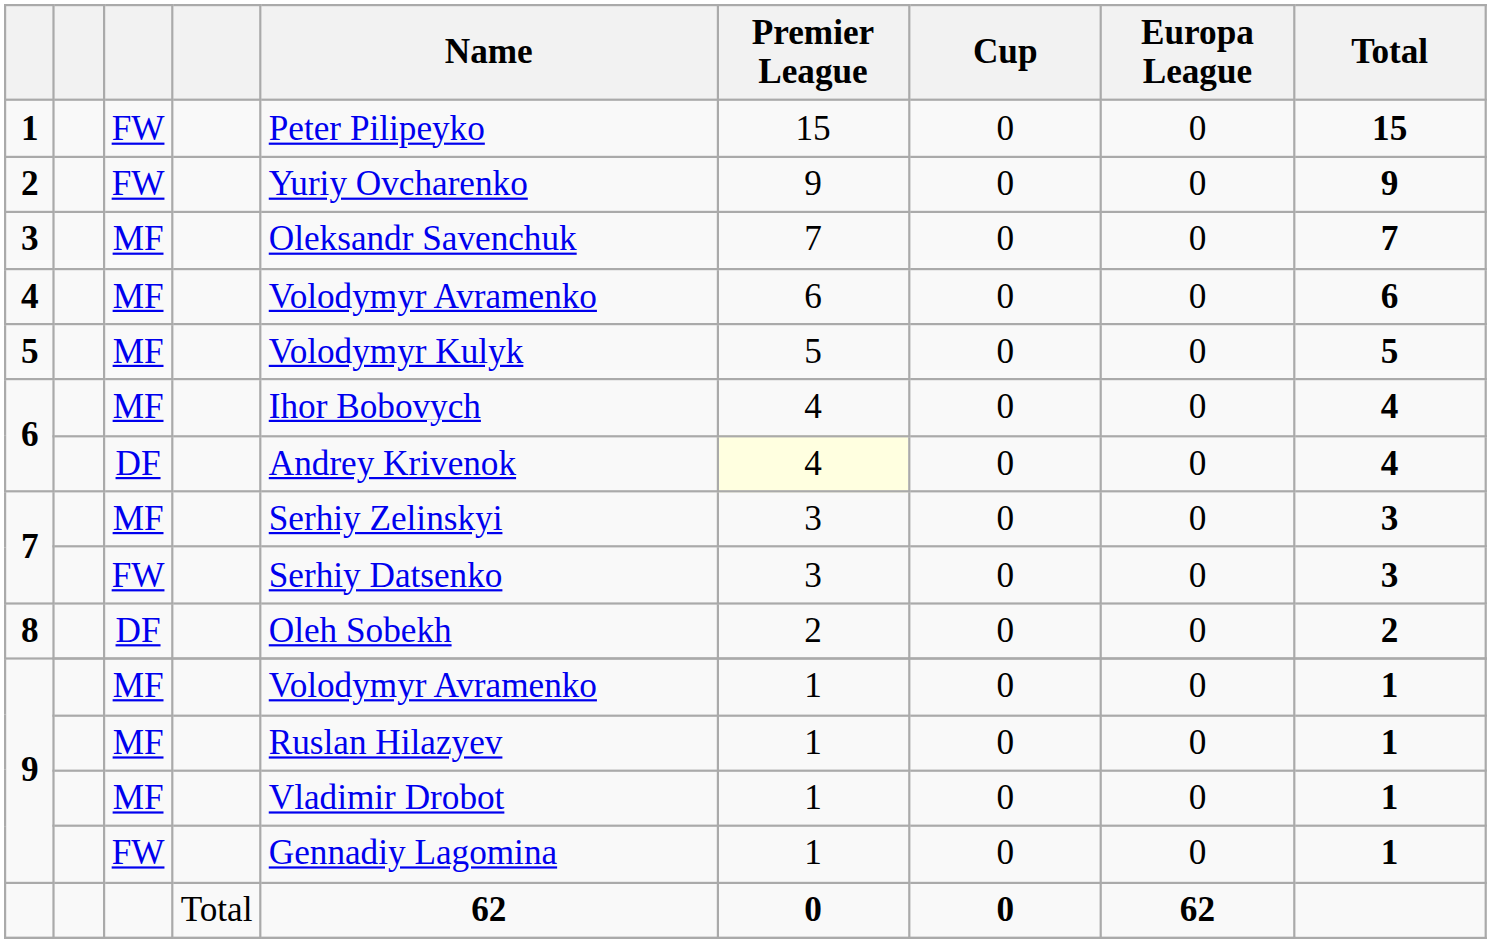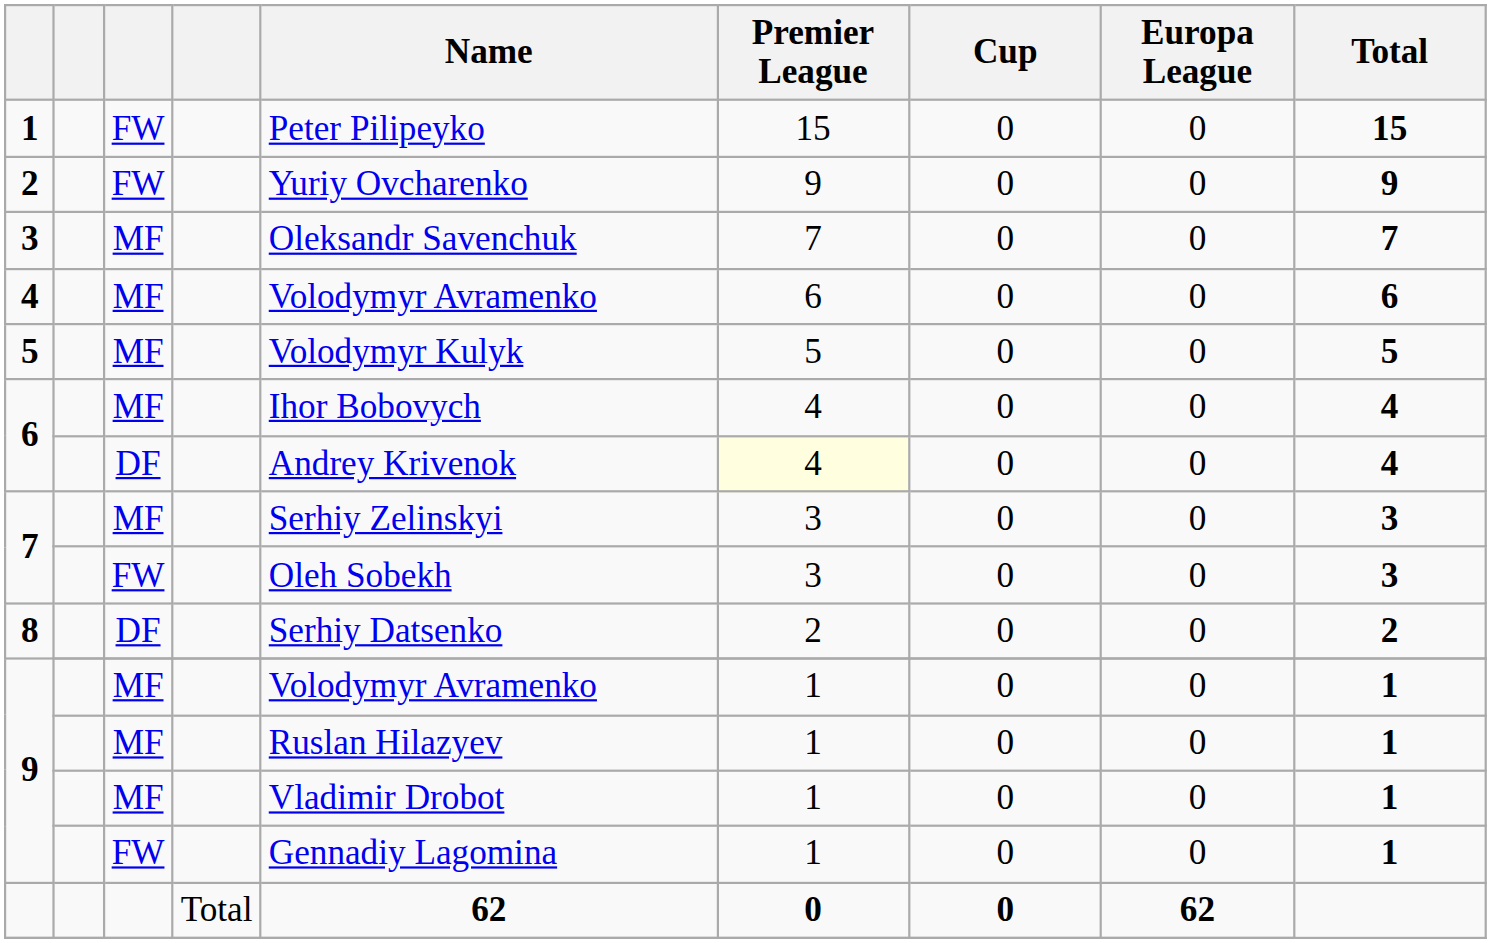 <table class="wikitable" style="text-align:center">
 <tr>
 <th width=15></th>
 <th width=15></th>
 <th width=15></th>
 <th width=15></th>
 <th width=200>Name</th>
 <th width=80><strong>Premier League</strong></th>
 <th width=80><strong>Cup</strong></th>
 <th width=80><strong>Europa League</strong></th>
 <th width=80>Total</th>
 </tr>
 <tr>
 <td><strong>1</strong></td>
 <td></td>
 <td><a href='#'>FW</a></td>
 <td></td>
 <td align=left><a href='#'>Peter Pilipeyko</a></td>
 <td>15</td>
 <td>0</td>
 <td>0</td>
 <td><strong>15</strong></td>
 </tr>
 <tr>
 <td><strong>2</strong></td>
 <td></td>
 <td><a href='#'>FW</a></td>
 <td></td>
 <td align=left><a href='#'>Yuriy Ovcharenko</a></td>
 <td>9</td>
 <td>0</td>
 <td>0</td>
 <td><strong>9</strong></td>
 </tr>
 <tr>
 <td><strong>3</strong></td>
 <td></td>
 <td><a href='#'>MF</a></td>
 <td></td>
 <td align=left><a href='#'>Oleksandr Savenchuk</a></td>
 <td>7</td>
 <td>0</td>
 <td>0</td>
 <td><strong>7</strong></td>
 </tr>
 <tr>
 <td><strong>4</strong></td>
 <td></td>
 <td><a href='#'>MF</a></td>
 <td></td>
 <td align=left><a href='#'>Volodymyr Avramenko</a></td>
 <td>6</td>
 <td>0</td>
 <td>0</td>
 <td><strong>6</strong></td>
 </tr>
 <tr>
 <td><strong>5</strong></td>
 <td></td>
 <td><a href='#'>MF</a></td>
 <td></td>
 <td align=left><a href='#'>Volodymyr Kulyk</a></td>
 <td>5</td>
 <td>0</td>
 <td>0</td>
 <td><strong>5</strong></td>
 </tr>
 <tr>
 <td rowspan=2><strong>6</strong></td>
 <td></td>
 <td><a href='#'>MF</a></td>
 <td></td>
 <td align=left><a href='#'>Ihor Bobovych</a></td>
 <td>4</td>
 <td>0</td>
 <td>0</td>
 <td><strong>4</strong></td>
 </tr>
 <tr>
 <td></td>
 <td><a href='#'>DF</a></td>
 <td></td>
 <td align=left><a href='#'>Andrey Krivenok</a></td>
 <td style="background: lightyellow;">4</td>
 <td>0</td>
 <td>0</td>
 <td><strong>4</strong></td>
 </tr>
 <tr>
 <td rowspan=2><strong>7</strong></td>
 <td></td>
 <td><a href='#'>MF</a></td>
 <td></td>
 <td align=left><a href='#'>Serhiy Zelinskyi</a></td>
 <td>3</td>
 <td>0</td>
 <td>0</td>
 <td><strong>3</strong></td>
 </tr>
 <tr>
 <td></td>
 <td><a href='#'>FW</a></td>
 <td></td>
-<td align=left><a href='#'>Serhiy Datsenko</a></td>
+<td align=left><a href='#'>Oleh Sobekh</a></td>
 <td>3</td>
 <td>0</td>
 <td>0</td>
 <td><strong>3</strong></td>
 </tr>
 <tr>
 <td><strong>8</strong></td>
 <td></td>
 <td><a href='#'>DF</a></td>
 <td></td>
-<td align=left><a href='#'>Oleh Sobekh</a></td>
+<td align=left><a href='#'>Serhiy Datsenko</a></td>
 <td>2</td>
 <td>0</td>
 <td>0</td>
 <td><strong>2</strong></td>
 </tr>
 <tr>
 <td rowspan=5><strong>9</strong></td>
 </tr>
 <tr>
 <td></td>
 <td><a href='#'>MF</a></td>
 <td></td>
 <td align=left><a href='#'>Volodymyr Avramenko</a></td>
 <td>1</td>
 <td>0</td>
 <td>0</td>
 <td><strong>1</strong></td>
 </tr>
 <tr>
 <td></td>
 <td><a href='#'>MF</a></td>
 <td></td>
 <td align=left><a href='#'>Ruslan Hilazyev</a></td>
 <td>1</td>
 <td>0</td>
 <td>0</td>
 <td><strong>1</strong></td>
 </tr>
 <tr>
 <td></td>
 <td><a href='#'>MF</a></td>
 <td></td>
 <td align=left><a href='#'>Vladimir Drobot</a></td>
 <td>1</td>
 <td>0</td>
 <td>0</td>
 <td><strong>1</strong></td>
 </tr>
 <tr>
 <td></td>
 <td><a href='#'>FW</a></td>
 <td></td>
 <td align=left><a href='#'>Gennadiy Lagomina</a></td>
 <td>1</td>
 <td>0</td>
 <td>0</td>
 <td><strong>1</strong></td>
 </tr>
 <tr>
 <td></td>
 <td></td>
 <td></td>
 <td align=left>Total</td>
 <td><strong>62</strong></td>
 <td><strong>0</strong></td>
 <td><strong>0</strong></td>
 <td><strong>62</strong></td>
 </tr>
 <tr>
 </tr>
 </table>
